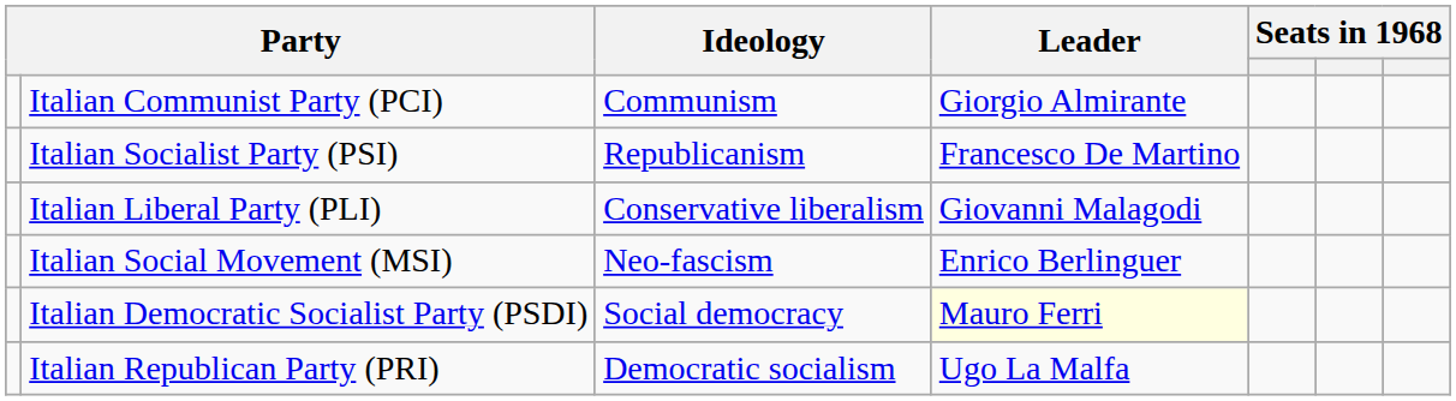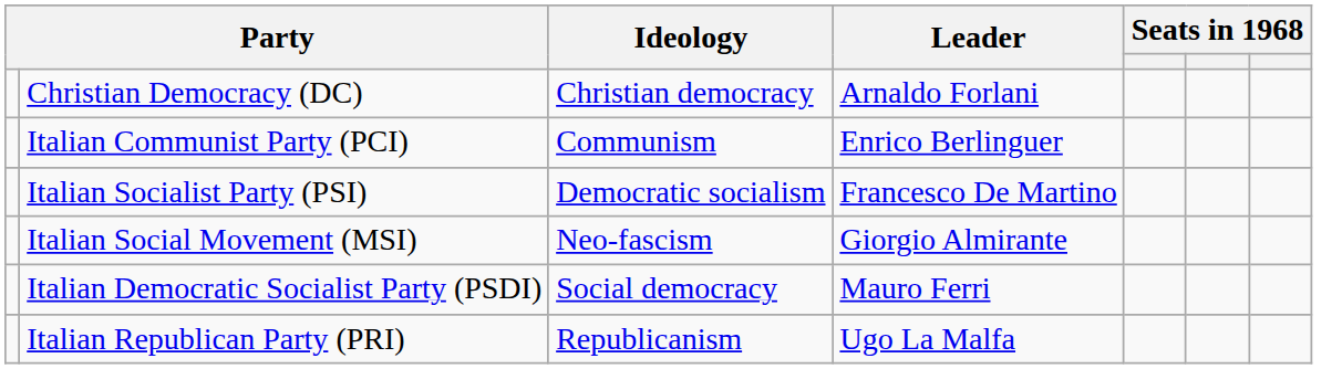 <table class=wikitable style="text-align:left">
 <tr>
 <th colspan=2  rowspan="2">Party</th>
 <th rowspan="2">Ideology</th>
 <th rowspan="2">Leader</th>
 <th colspan="3">Seats in 1968</th>
 </tr>
 <tr>
 <th></th>
 <th></th>
 <th></th>
 </tr>
 <tr>
 <td></td>
+<td><a href='#'>Christian Democracy</a> (DC)</td>
+<td><a href='#'>Christian democracy</a></td>
+<td><a href='#'>Arnaldo Forlani</a></td>
+<td></td>
+<td></td>
+<td></td>
+</tr>
+<tr>
+<td></td>
 <td><a href='#'>Italian Communist Party</a> (PCI)</td>
 <td><a href='#'>Communism</a></td>
-<td><a href='#'>Giorgio Almirante</a></td>
+<td><a href='#'>Enrico Berlinguer</a></td>
 <td></td>
 <td></td>
 <td></td>
 </tr>
 <tr>
 <td></td>
 <td><a href='#'>Italian Socialist Party</a> (PSI)</td>
-<td><a href='#'>Republicanism</a></td>
+<td><a href='#'>Democratic socialism</a></td>
 <td><a href='#'>Francesco De Martino</a></td>
-<td></td>
-<td></td>
-<td></td>
-</tr>
-<tr>
-<td></td>
-<td><a href='#'>Italian Liberal Party</a> (PLI)</td>
-<td><a href='#'>Conservative liberalism</a></td>
-<td><a href='#'>Giovanni Malagodi</a></td>
 <td></td>
 <td></td>
 <td></td>
 </tr>
 <tr>
 <td></td>
 <td><a href='#'>Italian Social Movement</a> (MSI)</td>
 <td><a href='#'>Neo-fascism</a></td>
-<td><a href='#'>Enrico Berlinguer</a></td>
+<td><a href='#'>Giorgio Almirante</a></td>
 <td></td>
 <td></td>
 <td></td>
 </tr>
 <tr>
 <td></td>
 <td><a href='#'>Italian Democratic Socialist Party</a> (PSDI)</td>
 <td><a href='#'>Social democracy</a></td>
-<td style="background: lightyellow;"><a href='#'>Mauro Ferri</a></td>
+<td><a href='#'>Mauro Ferri</a></td>
 <td></td>
 <td></td>
 <td></td>
 </tr>
 <tr>
 <td></td>
 <td><a href='#'>Italian Republican Party</a> (PRI)</td>
-<td><a href='#'>Democratic socialism</a></td>
+<td><a href='#'>Republicanism</a></td>
 <td><a href='#'>Ugo La Malfa</a></td>
 <td></td>
 <td></td>
 <td></td>
 </tr>
 </table>
